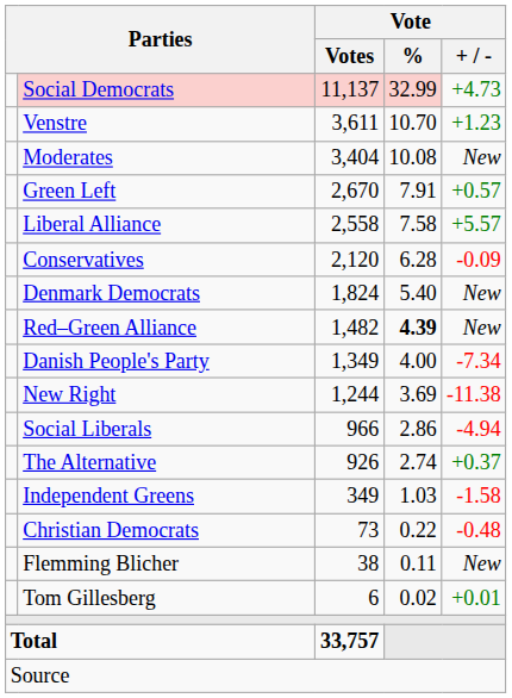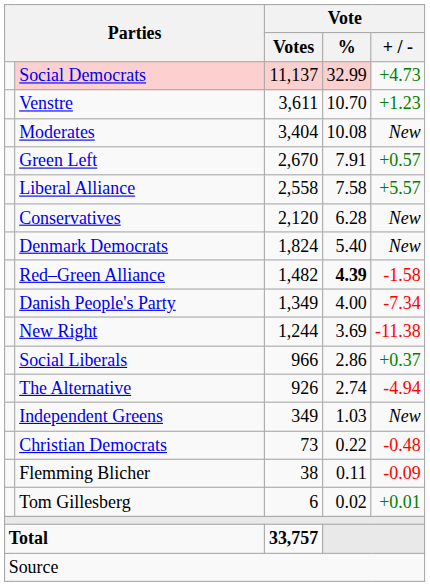 <table class="wikitable" style="text-align:right;">
 <tr>
 <th style="text-align:centre;" rowspan="2" colspan="2" width="225">Parties</th>
 <th colspan="3">Vote</th>
 </tr>
 <tr>
 <th width="15">Votes</th>
 <th width="15">%</th>
 <th width="15">+ / -</th>
 </tr>
 <tr>
 <td width="2" style="color:inherit;background:"></td>
 <td bgcolor=#fbd0ce  align="left"><a href='#'>Social Democrats</a></td>
 <td bgcolor=#fbd0ce>11,137</td>
 <td bgcolor=#fbd0ce>32.99</td>
 <td style=color:green;>+4.73</td>
 </tr>
 <tr>
 <td width="2" style="color:inherit;background:"></td>
 <td align="left"><a href='#'>Venstre</a></td>
 <td>3,611</td>
 <td>10.70</td>
 <td style=color:green;>+1.23</td>
 </tr>
 <tr>
 <td width="2" style="color:inherit;background:"></td>
 <td align="left"><a href='#'>Moderates</a></td>
 <td>3,404</td>
 <td>10.08</td>
 <td><em>New</em></td>
 </tr>
 <tr>
 <td width="2" style="color:inherit;background:"></td>
 <td align="left"><a href='#'>Green Left</a></td>
 <td>2,670</td>
 <td>7.91</td>
 <td style=color:green;>+0.57</td>
 </tr>
 <tr>
 <td width="2" style="color:inherit;background:"></td>
 <td align="left"><a href='#'>Liberal Alliance</a></td>
 <td>2,558</td>
 <td>7.58</td>
 <td style=color:green;>+5.57</td>
 </tr>
 <tr>
 <td width="2" style="color:inherit;background:"></td>
 <td align="left"><a href='#'>Conservatives</a></td>
 <td>2,120</td>
 <td>6.28</td>
-<td style=color:red;>-0.09</td>
+<td><em>New</em></td>
 </tr>
 <tr>
 <td width="2" style="color:inherit;background:"></td>
 <td align="left"><a href='#'>Denmark Democrats</a></td>
 <td>1,824</td>
 <td>5.40</td>
 <td><em>New</em></td>
 </tr>
 <tr>
 <td width="2" style="color:inherit;background:"></td>
 <td align="left"><a href='#'>Red–Green Alliance</a></td>
 <td>1,482</td>
 <td><strong>4.39</strong></td>
-<td><em>New</em></td>
+<td style=color:red;>-1.58</td>
 </tr>
 <tr>
 <td width="2" style="color:inherit;background:"></td>
 <td align="left"><a href='#'>Danish People's Party</a></td>
 <td>1,349</td>
 <td>4.00</td>
 <td style=color:red;>-7.34</td>
 </tr>
 <tr>
 <td width="2" style="color:inherit;background:"></td>
 <td align="left"><a href='#'>New Right</a></td>
 <td>1,244</td>
 <td>3.69</td>
 <td style=color:red;>-11.38</td>
 </tr>
 <tr>
 <td width="2" style="color:inherit;background:"></td>
 <td align="left"><a href='#'>Social Liberals</a></td>
 <td>966</td>
 <td>2.86</td>
-<td style=color:red;>-4.94</td>
+<td style=color:green;>+0.37</td>
 </tr>
 <tr>
 <td width="2" style="color:inherit;background:"></td>
 <td align="left"><a href='#'>The Alternative</a></td>
 <td>926</td>
 <td>2.74</td>
-<td style=color:green;>+0.37</td>
+<td style=color:red;>-4.94</td>
 </tr>
 <tr>
 <td width="2" style="color:inherit;background:"></td>
 <td align="left"><a href='#'>Independent Greens</a></td>
 <td>349</td>
 <td>1.03</td>
-<td style=color:red;>-1.58</td>
+<td><em>New</em></td>
 </tr>
 <tr>
 <td width="2" style="color:inherit;background:"></td>
 <td align="left"><a href='#'>Christian Democrats</a></td>
 <td>73</td>
 <td>0.22</td>
 <td style=color:red;>-0.48</td>
 </tr>
 <tr>
 <td width="2" style="color:inherit;background:"></td>
 <td align="left">Flemming Blicher</td>
 <td>38</td>
 <td>0.11</td>
-<td><em>New</em></td>
+<td style=color:red;>-0.09</td>
 </tr>
 <tr>
 <td width="2" style="color:inherit;background:"></td>
 <td align="left">Tom Gillesberg</td>
 <td>6</td>
 <td>0.02</td>
 <td style=color:green;>+0.01</td>
 </tr>
 <tr>
 <td colspan="7" bgcolor="#E9E9E9"></td>
 </tr>
 <tr>
 <td align="left" colspan="2"><strong>Total</strong></td>
 <td><strong>33,757</strong></td>
 <td bgcolor="#E9E9E9" colspan="2"></td>
 </tr>
 <tr>
 <td align="left" colspan="6">Source</td>
 </tr>
 </table>
